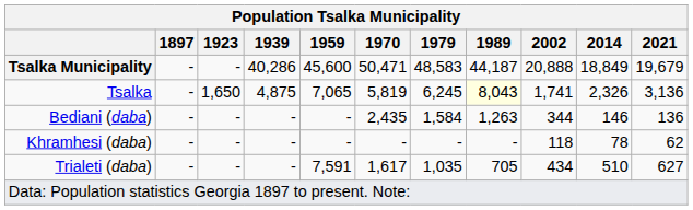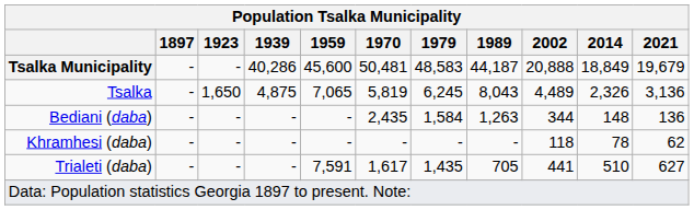 <table class="wikitable" style="text-align:right">
 <tr>
 <th colspan=19>Population Tsalka Municipality</th>
 </tr>
 <tr>
 <th></th>
 <th>1897</th>
 <th>1923</th>
 <th>1939</th>
 <th>1959</th>
 <th>1970</th>
 <th>1979</th>
 <th>1989</th>
 <th>2002</th>
 <th>2014</th>
 <th>2021</th>
 </tr>
 <tr>
 <th>Tsalka Municipality</th>
 <td>-</td>
 <td>-</td>
 <td>40,286</td>
 <td> 45,600</td>
-<td> 50,471</td>
+<td> 50,481</td>
 <td> 48,583</td>
 <td> 44,187</td>
 <td> 20,888</td>
 <td> 18,849</td>
 <td> 19,679</td>
 </tr>
 <tr>
 <td><a href='#'>Tsalka</a> </td>
 <td>-</td>
 <td>1,650</td>
 <td> 4,875</td>
 <td> 7,065</td>
 <td> 5,819</td>
 <td> 6,245</td>
-<td style="background: lightyellow;"> 8,043</td>
-<td> 1,741</td>
+<td> 8,043</td>
+<td> 4,489</td>
 <td> 2,326</td>
 <td> 3,136</td>
 </tr>
 <tr>
 <td><a href='#'>Bediani</a> (<a href='#'><em>daba</em></a>)</td>
 <td>-</td>
 <td>-</td>
 <td>-</td>
 <td>-</td>
 <td>2,435</td>
 <td> 1,584</td>
 <td> 1,263</td>
 <td> 344</td>
-<td> 146</td>
+<td> 148</td>
 <td> 136</td>
 </tr>
 <tr>
 <td><a href='#'>Khramhesi</a> (<em>daba</em>)</td>
 <td>-</td>
 <td>-</td>
 <td>-</td>
 <td>-</td>
 <td>-</td>
 <td>-</td>
 <td>-</td>
 <td>118</td>
 <td> 78</td>
 <td> 62</td>
 </tr>
 <tr>
 <td><a href='#'>Trialeti</a> (<em>daba</em>)</td>
 <td>-</td>
 <td>-</td>
 <td>-</td>
 <td>7,591</td>
 <td>1,617</td>
-<td> 1,035</td>
+<td> 1,435</td>
 <td> 705</td>
-<td> 434</td>
+<td> 441</td>
 <td> 510</td>
 <td> 627</td>
 </tr>
 <tr>
 <td colspan=15 class="wikitable" style="align:left;text-align:left;background-color:#eaecf0">Data: Population statistics Georgia 1897 to present. Note:</td>
 </tr>
 </table>
